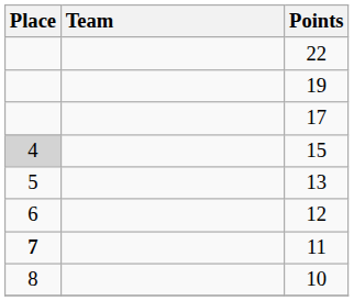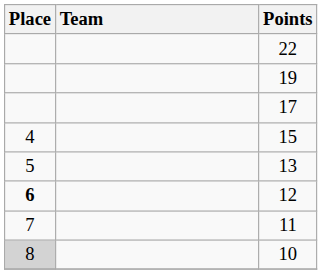 <table class="wikitable" style="text-align:center; padding-bottom:0;">
 <tr>
 <th>Place</th>
 <th style="width:10.5em; text-align:left;">Team</th>
 <th>Points</th>
 </tr>
 <tr>
 <td></td>
 <td align=left></td>
 <td>22</td>
 </tr>
 <tr>
 <td></td>
 <td align=left></td>
 <td>19</td>
 </tr>
 <tr>
 <td></td>
 <td align=left></td>
 <td>17</td>
 </tr>
 <tr>
-<td style="background: lightgrey;">4</td>
+<td>4</td>
 <td align=left></td>
 <td>15</td>
 </tr>
 <tr>
 <td>5</td>
 <td align=left></td>
 <td>13</td>
 </tr>
 <tr>
-<td>6</td>
+<td><strong>6</strong></td>
 <td align=left></td>
 <td>12</td>
 </tr>
 <tr>
-<td><strong>7</strong></td>
+<td>7</td>
 <td align=left></td>
 <td>11</td>
 </tr>
 <tr>
-<td>8</td>
+<td style="background: lightgrey;">8</td>
 <td align=left></td>
 <td>10</td>
 </tr>
 <tr>
 </tr>
 </table>
